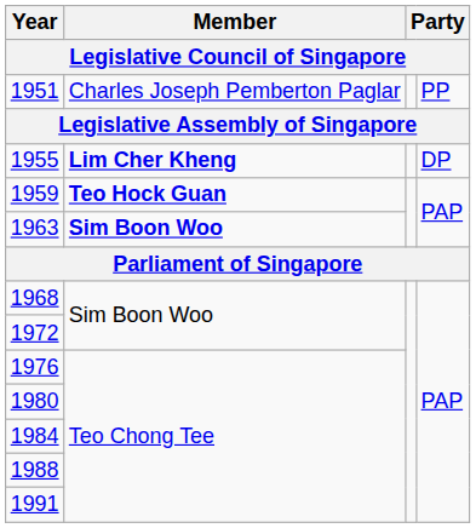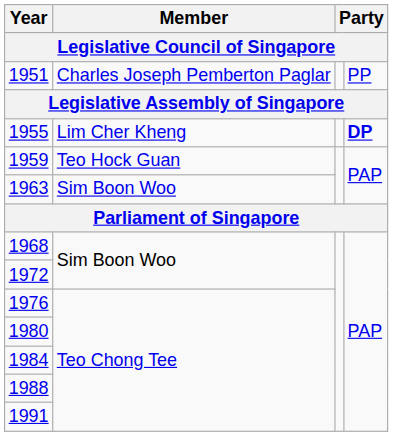 <table class="wikitable">
 <tr>
 <th>Year</th>
 <th>Member</th>
 <th colspan="2">Party</th>
 </tr>
 <tr>
 <th colspan="4"><a href='#'>Legislative Council of Singapore</a></th>
 </tr>
 <tr>
 <td><a href='#'>1951</a></td>
 <td><a href='#'>Charles Joseph Pemberton Paglar</a></td>
 <td></td>
 <td><a href='#'>PP</a></td>
 </tr>
 <tr>
 <th colspan="4"><a href='#'>Legislative Assembly of Singapore</a></th>
 </tr>
 <tr>
 <td><a href='#'>1955</a></td>
-<td><strong><a href='#'>Lim Cher Kheng</a></strong></td>
+<td><a href='#'>Lim Cher Kheng</a></td>
 <td></td>
-<td><a href='#'>DP</a></td>
+<td><strong><a href='#'>DP</a></strong></td>
 </tr>
 <tr>
 <td><a href='#'>1959</a></td>
-<td><strong><a href='#'>Teo Hock Guan</a></strong></td>
+<td><a href='#'>Teo Hock Guan</a></td>
 <td rowspan="2"></td>
 <td rowspan="2"><a href='#'>PAP</a></td>
 </tr>
 <tr>
 <td><a href='#'>1963</a></td>
-<td><strong><a href='#'>Sim Boon Woo</a></strong></td>
+<td><a href='#'>Sim Boon Woo</a></td>
 </tr>
 <tr>
 <th colspan="4"><a href='#'>Parliament of Singapore</a></th>
 </tr>
 <tr>
 <td><a href='#'>1968</a></td>
 <td rowspan="2">Sim Boon Woo</td>
 <td rowspan="7"></td>
 <td rowspan="7"><a href='#'>PAP</a></td>
 </tr>
 <tr>
 <td><a href='#'>1972</a></td>
 </tr>
 <tr>
 <td><a href='#'>1976</a></td>
 <td rowspan="5"><a href='#'>Teo Chong Tee</a></td>
 </tr>
 <tr>
 <td><a href='#'>1980</a></td>
 </tr>
 <tr>
 <td><a href='#'>1984</a></td>
 </tr>
 <tr>
 <td><a href='#'>1988</a></td>
 </tr>
 <tr>
 <td><a href='#'>1991</a></td>
 </tr>
 </table>
